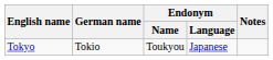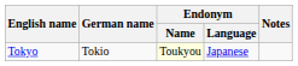 <table class="wikitable sortable mw-collapsible">
 <tr>
 <th rowspan="2">English name</th>
 <th rowspan="2">German name</th>
 <th colspan="2">Endonym</th>
 <th rowspan="2">Notes</th>
 </tr>
 <tr>
 <th>Name</th>
 <th>Language</th>
 </tr>
 <tr>
 <td><a href='#'>Tokyo</a></td>
 <td>Tokio</td>
-<td>Toukyou</td>
+<td style="background: lightyellow;">Toukyou</td>
 <td><a href='#'>Japanese</a></td>
 <td></td>
 </tr>
 </table>
